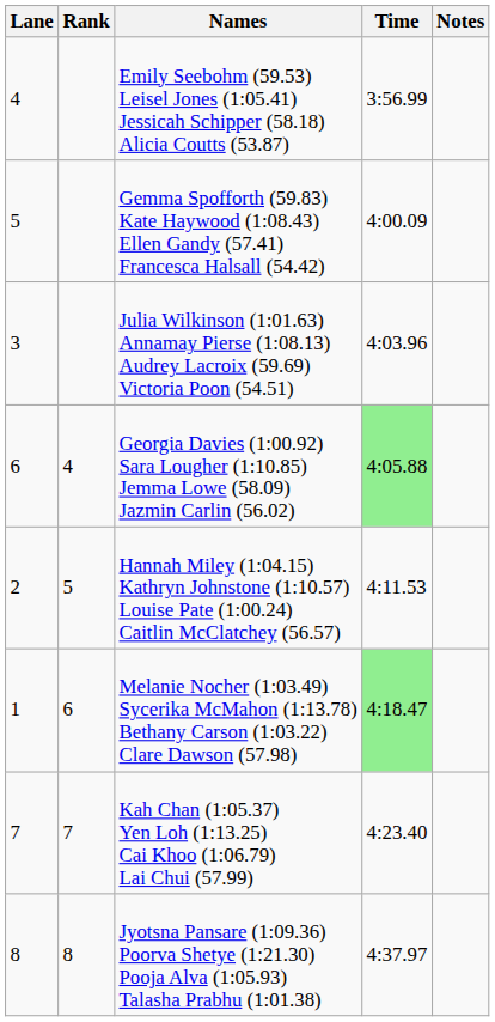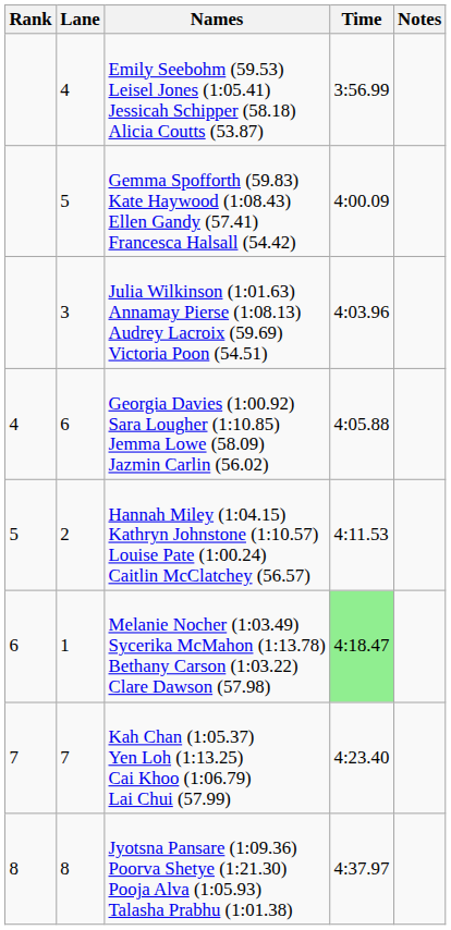 <table class="wikitable">
 <tr>
+<th>Rank</th>
 <th>Lane</th>
-<th>Rank</th>
 <th>Names</th>
 <th>Time</th>
 <th>Notes</th>
 </tr>
 <tr>
+<td></td>
 <td>4</td>
-<td></td>
 <td><br><a href='#'>Emily Seebohm</a> (59.53)<br><a href='#'>Leisel Jones</a> (1:05.41)<br><a href='#'>Jessicah Schipper</a> (58.18)<br><a href='#'>Alicia Coutts</a> (53.87)</td>
 <td>3:56.99</td>
 <td></td>
 </tr>
 <tr>
+<td></td>
 <td>5</td>
-<td></td>
 <td><br><a href='#'>Gemma Spofforth</a> (59.83)<br><a href='#'>Kate Haywood</a> (1:08.43)<br><a href='#'>Ellen Gandy</a> (57.41)<br><a href='#'>Francesca Halsall</a> (54.42)</td>
 <td>4:00.09</td>
 <td></td>
 </tr>
 <tr>
+<td></td>
 <td>3</td>
-<td></td>
 <td><br><a href='#'>Julia Wilkinson</a> (1:01.63)<br><a href='#'>Annamay Pierse</a> (1:08.13)<br><a href='#'>Audrey Lacroix</a> (59.69)<br><a href='#'>Victoria Poon</a> (54.51)</td>
 <td>4:03.96</td>
 <td></td>
 </tr>
 <tr>
+<td>4</td>
 <td>6</td>
-<td>4</td>
 <td><br><a href='#'>Georgia Davies</a> (1:00.92)<br><a href='#'>Sara Lougher</a> (1:10.85)<br><a href='#'>Jemma Lowe</a> (58.09)<br><a href='#'>Jazmin Carlin</a> (56.02)</td>
-<td style="background: lightgreen;">4:05.88</td>
+<td>4:05.88</td>
 <td></td>
 </tr>
 <tr>
+<td>5</td>
 <td>2</td>
-<td>5</td>
 <td><br><a href='#'>Hannah Miley</a> (1:04.15)<br><a href='#'>Kathryn Johnstone</a> (1:10.57)<br><a href='#'>Louise Pate</a> (1:00.24)<br><a href='#'>Caitlin McClatchey</a> (56.57)</td>
 <td>4:11.53</td>
 <td></td>
 </tr>
 <tr>
+<td>6</td>
 <td>1</td>
-<td>6</td>
 <td><br><a href='#'>Melanie Nocher</a> (1:03.49)<br><a href='#'>Sycerika McMahon</a> (1:13.78)<br><a href='#'>Bethany Carson</a> (1:03.22)<br><a href='#'>Clare Dawson</a> (57.98)</td>
 <td style="background: lightgreen;">4:18.47</td>
 <td></td>
 </tr>
 <tr>
 <td>7</td>
 <td>7</td>
 <td><br><a href='#'>Kah Chan</a> (1:05.37)<br><a href='#'>Yen Loh</a> (1:13.25)<br><a href='#'>Cai Khoo</a> (1:06.79)<br><a href='#'>Lai Chui</a> (57.99)</td>
 <td>4:23.40</td>
 <td></td>
 </tr>
 <tr>
 <td>8</td>
 <td>8</td>
 <td><br><a href='#'>Jyotsna Pansare</a> (1:09.36)<br><a href='#'>Poorva Shetye</a> (1:21.30)<br><a href='#'>Pooja Alva</a> (1:05.93)<br><a href='#'>Talasha Prabhu</a> (1:01.38)</td>
 <td>4:37.97</td>
 <td></td>
 </tr>
 </table>
